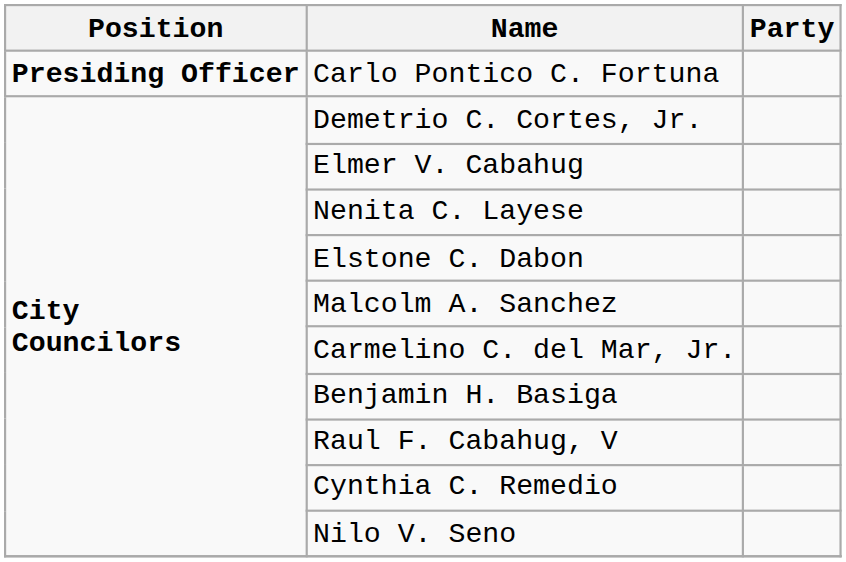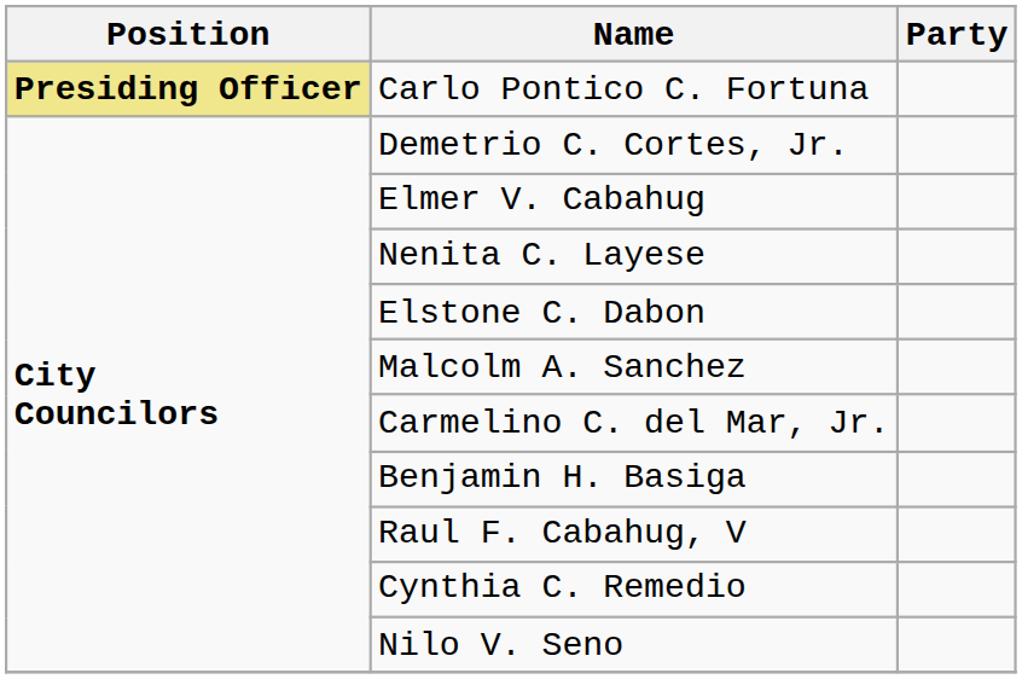 <table class=wikitable>
 <tr>
 <th>Position</th>
 <th>Name</th>
 <th colspan=2>Party</th>
 </tr>
 <tr>
-<td><strong>Presiding Officer</strong></td>
+<td style="background: khaki;"><strong>Presiding Officer</strong></td>
 <td>Carlo Pontico C. Fortuna</td>
 <td></td>
 </tr>
 <tr>
 <td rowspan=10><strong>City<br>Councilors</strong></td>
 <td>Demetrio C. Cortes, Jr.</td>
 <td></td>
 </tr>
 <tr>
 <td>Elmer V. Cabahug</td>
 <td></td>
 </tr>
 <tr>
 <td>Nenita C. Layese</td>
 <td></td>
 </tr>
 <tr>
 <td>Elstone C. Dabon</td>
 <td></td>
 </tr>
 <tr>
 <td>Malcolm A. Sanchez</td>
 <td></td>
 </tr>
 <tr>
 <td>Carmelino C. del Mar, Jr.</td>
 <td></td>
 </tr>
 <tr>
 <td>Benjamin H. Basiga</td>
 <td></td>
 </tr>
 <tr>
 <td>Raul F. Cabahug, V</td>
 <td></td>
 </tr>
 <tr>
 <td>Cynthia C. Remedio</td>
 <td></td>
 </tr>
 <tr>
 <td>Nilo V. Seno</td>
 <td></td>
 </tr>
 <tr>
 </tr>
 </table>
